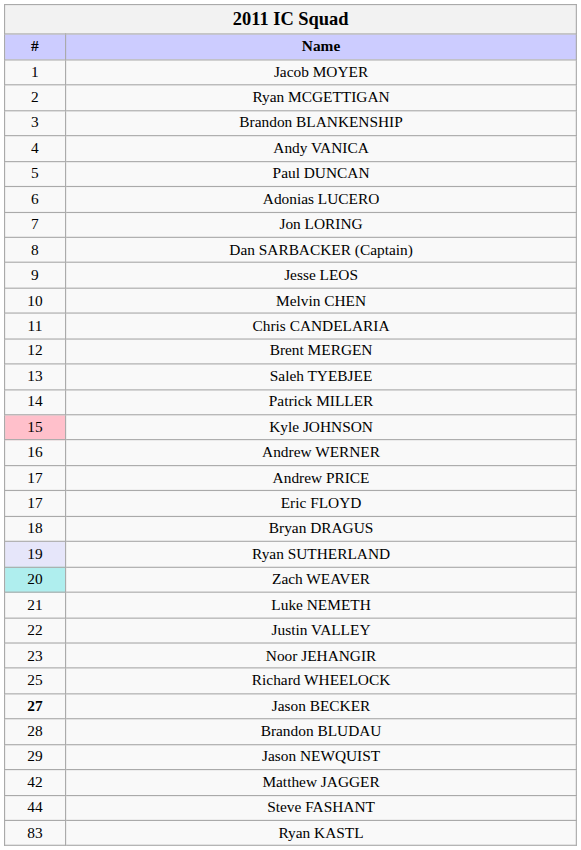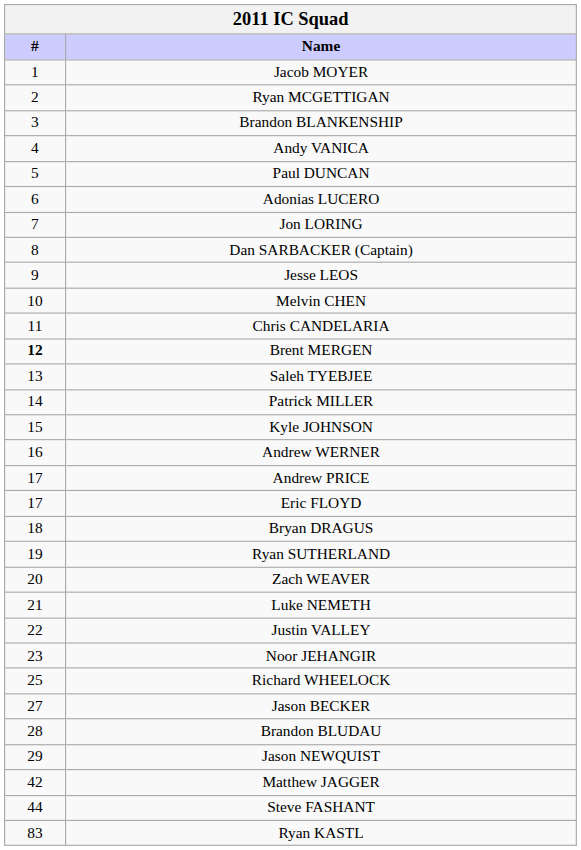 <table class="wikitable collapsible collapsed" style="font-size: 85%; text-align:center;">
 <tr valign="top">
 <th colspan="2" width="500"><big>2011 IC Squad</big></th>
 </tr>
 <tr>
 <th style="background:#ccf;">#</th>
 <th style="background:#ccf;">Name</th>
 </tr>
 <tr>
 <td>1</td>
 <td>Jacob MOYER</td>
 </tr>
 <tr>
 <td>2</td>
 <td>Ryan MCGETTIGAN</td>
 </tr>
 <tr>
 <td>3</td>
 <td>Brandon BLANKENSHIP</td>
 </tr>
 <tr>
 <td>4</td>
 <td>Andy VANICA</td>
 </tr>
 <tr>
 <td>5</td>
 <td>Paul DUNCAN</td>
 </tr>
 <tr>
 <td>6</td>
 <td>Adonias LUCERO</td>
 </tr>
 <tr>
 <td>7</td>
 <td>Jon LORING</td>
 </tr>
 <tr>
 <td>8</td>
 <td>Dan SARBACKER (Captain)</td>
 </tr>
 <tr>
 <td>9</td>
 <td>Jesse LEOS</td>
 </tr>
 <tr>
 <td>10</td>
 <td>Melvin CHEN</td>
 </tr>
 <tr>
 <td>11</td>
 <td>Chris CANDELARIA</td>
 </tr>
 <tr>
-<td>12</td>
+<td><strong>12</strong></td>
 <td>Brent MERGEN</td>
 </tr>
 <tr>
 <td>13</td>
 <td>Saleh TYEBJEE</td>
 </tr>
 <tr>
 <td>14</td>
 <td>Patrick MILLER</td>
 </tr>
 <tr>
-<td style="background: pink;">15</td>
+<td>15</td>
 <td>Kyle JOHNSON</td>
 </tr>
 <tr>
 <td>16</td>
 <td>Andrew WERNER</td>
 </tr>
 <tr>
 <td>17</td>
 <td>Andrew PRICE</td>
 </tr>
 <tr>
 <td>17</td>
 <td>Eric FLOYD</td>
 </tr>
 <tr>
 <td>18</td>
 <td>Bryan DRAGUS</td>
 </tr>
 <tr>
-<td style="background: lavender;">19</td>
+<td>19</td>
 <td>Ryan SUTHERLAND</td>
 </tr>
 <tr>
-<td style="background: paleturquoise;">20</td>
+<td>20</td>
 <td>Zach WEAVER</td>
 </tr>
 <tr>
 <td>21</td>
 <td>Luke NEMETH</td>
 </tr>
 <tr>
 <td>22</td>
 <td>Justin VALLEY</td>
 </tr>
 <tr>
 <td>23</td>
 <td>Noor JEHANGIR</td>
 </tr>
 <tr>
 <td>25</td>
 <td>Richard WHEELOCK</td>
 </tr>
 <tr>
-<td><strong>27</strong></td>
+<td>27</td>
 <td>Jason BECKER</td>
 </tr>
 <tr>
 <td>28</td>
 <td>Brandon BLUDAU</td>
 </tr>
 <tr>
 <td>29</td>
 <td>Jason NEWQUIST</td>
 </tr>
 <tr>
 <td>42</td>
 <td>Matthew JAGGER</td>
 </tr>
 <tr>
 <td>44</td>
 <td>Steve FASHANT</td>
 </tr>
 <tr>
 <td>83</td>
 <td>Ryan KASTL</td>
 </tr>
 </table>
